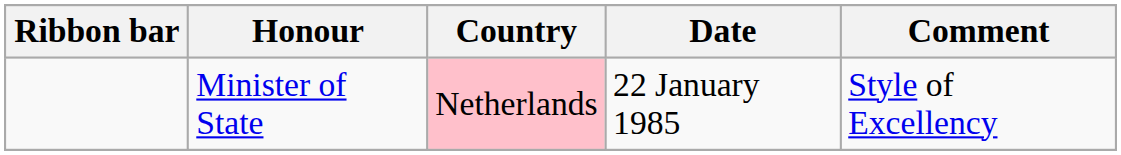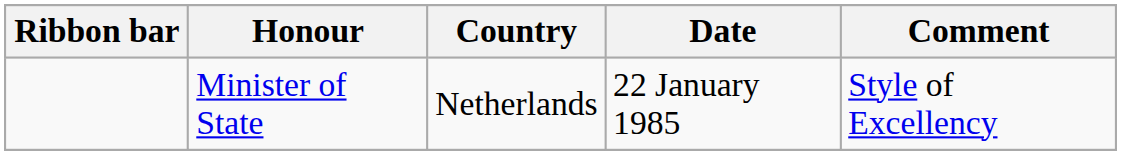 <table class="wikitable" style="width:60%;">
 <tr style="background:#ccf; text-align:center;">
 </tr>
 <tr>
 <th style="width:80px;">Ribbon bar</th>
 <th>Honour</th>
 <th>Country</th>
 <th>Date</th>
 <th>Comment</th>
 </tr>
 <tr>
 <td></td>
 <td><a href='#'>Minister of State</a></td>
-<td style="background: pink;">Netherlands</td>
+<td>Netherlands</td>
 <td>22 January 1985</td>
 <td><a href='#'>Style</a> of <a href='#'>Excellency</a></td>
 </tr>
 <tr>
 </tr>
 </table>
